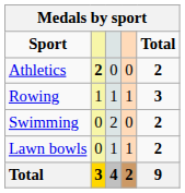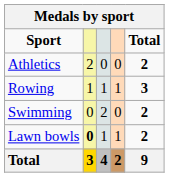 <table class="wikitable" style="text-align:center;font-size:90%">
 <tr style="background:#efefef;">
 <th colspan=7><strong>Medals by sport</strong></th>
 </tr>
 <tr>
 <td><strong>Sport</strong></td>
 <td bgcolor=#f7f6a8></td>
 <td bgcolor=#dce5e5></td>
 <td bgcolor=#ffdab9></td>
 <td><strong>Total</strong></td>
 </tr>
 <tr>
 <td style="text-align:left;"><a href='#'>Athletics</a></td>
-<td style="background:#F7F6A8;"><strong>2</strong></td>
+<td style="background:#F7F6A8;">2</td>
 <td style="background:#DCE5E5;">0</td>
 <td style="background:#FFDAB9;">0</td>
 <td><strong>2</strong></td>
 </tr>
 <tr>
 <td style="text-align:left;"><a href='#'>Rowing</a></td>
 <td style="background:#F7F6A8;">1</td>
 <td style="background:#DCE5E5;">1</td>
 <td style="background:#FFDAB9;">1</td>
 <td><strong>3</strong></td>
 </tr>
 <tr>
 <td style="text-align:left;"><a href='#'>Swimming</a></td>
 <td style="background:#F7F6A8;">0</td>
 <td style="background:#DCE5E5;">2</td>
 <td style="background:#FFDAB9;">0</td>
 <td><strong>2</strong></td>
 </tr>
 <tr>
 <td style="text-align:left;"><a href='#'>Lawn bowls</a></td>
-<td style="background:#F7F6A8;">0</td>
+<td style="background:#F7F6A8;"><strong>0</strong></td>
 <td style="background:#DCE5E5;">1</td>
 <td style="background:#FFDAB9;">1</td>
 <td><strong>2</strong></td>
 </tr>
 <tr>
 <th style="text-align:left;"><strong>Total</strong></th>
 <th style="background:gold;"><strong>3</strong></th>
 <th style="background:silver;"><strong>4</strong></th>
 <th style="background:#c96;"><strong>2</strong></th>
 <th><strong>9</strong></th>
 </tr>
 </table>
